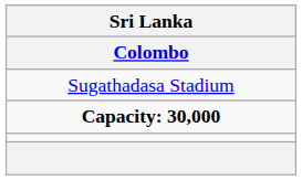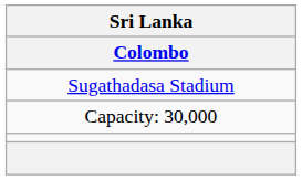 <table class="wikitable" style="margin: 1em auto; font-size:85%; width:15em; text-align:center">
 <tr>
 <th> Sri Lanka</th>
 </tr>
 <tr>
 <th><a href='#'>Colombo</a></th>
 </tr>
 <tr>
 <td><a href='#'>Sugathadasa Stadium</a></td>
 </tr>
 <tr>
-<td><strong>Capacity: 30,000</strong></td>
+<td>Capacity: 30,000</td>
 </tr>
 <tr>
 <td></td>
 </tr>
 <tr>
 <th><br></th>
 </tr>
 </table>
